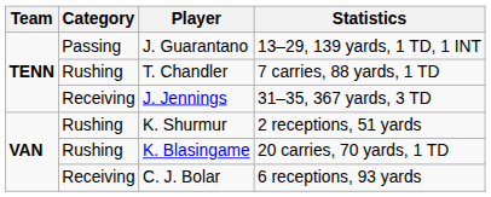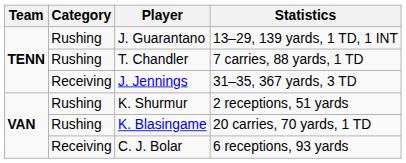 <table class="wikitable" style="float: right;">
 <tr>
 <th>Team</th>
 <th>Category</th>
 <th>Player</th>
 <th>Statistics</th>
 </tr>
 <tr>
 <td rowspan=3><strong>TENN</strong></td>
-<td>Passing</td>
+<td>Rushing</td>
 <td>J. Guarantano</td>
 <td>13–29, 139 yards, 1 TD, 1 INT</td>
 </tr>
 <tr>
 <td>Rushing</td>
 <td>T. Chandler</td>
 <td>7 carries, 88 yards, 1 TD</td>
 </tr>
 <tr>
 <td>Receiving</td>
 <td><a href='#'>J. Jennings</a></td>
 <td>31–35, 367 yards, 3 TD</td>
 </tr>
 <tr>
 <td rowspan=3><strong>VAN</strong></td>
 <td>Rushing</td>
 <td>K. Shurmur</td>
 <td>2 receptions, 51 yards</td>
 </tr>
 <tr>
 <td>Rushing</td>
 <td><a href='#'>K. Blasingame</a></td>
 <td>20 carries, 70 yards, 1 TD</td>
 </tr>
 <tr>
 <td>Receiving</td>
 <td>C. J. Bolar</td>
 <td>6 receptions, 93 yards</td>
 </tr>
 </table>
